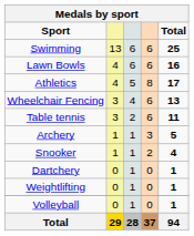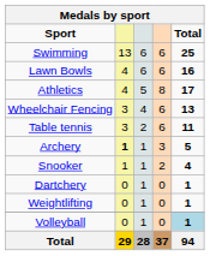 <table class="wikitable" style="font-size:95%">
 <tr style="background:#efefef;">
 <th colspan=5>Medals by sport</th>
 </tr>
 <tr style="text-align:center;">
 <td><strong>Sport</strong></td>
 <td bgcolor=#f7f6a8></td>
 <td bgcolor=#dce5e5></td>
 <td bgcolor=#ffdab9></td>
 <td><strong>Total</strong></td>
 </tr>
 <tr style="text-align:center;">
 <td><a href='#'>Swimming</a></td>
 <td style="background:#F7F6A8;">13</td>
 <td style="background:#DCE5E5;">6</td>
 <td style="background:#FFDAB9;">6</td>
 <td><strong>25</strong></td>
 </tr>
 <tr style="text-align:center;">
 <td><a href='#'>Lawn Bowls</a></td>
 <td style="background:#F7F6A8;">4</td>
 <td style="background:#DCE5E5;">6</td>
 <td style="background:#FFDAB9;">6</td>
 <td><strong>16</strong></td>
 </tr>
 <tr style="text-align:center;">
 <td><a href='#'>Athletics</a></td>
 <td style="background:#F7F6A8;">4</td>
 <td style="background:#DCE5E5;">5</td>
 <td style="background:#FFDAB9;">8</td>
 <td><strong>17</strong></td>
 </tr>
 <tr style="text-align:center;">
 <td><a href='#'>Wheelchair Fencing</a></td>
 <td style="background:#F7F6A8;">3</td>
 <td style="background:#DCE5E5;">4</td>
 <td style="background:#FFDAB9;">6</td>
 <td><strong>13</strong></td>
 </tr>
 <tr style="text-align:center;">
 <td><a href='#'>Table tennis</a></td>
 <td style="background:#F7F6A8;">3</td>
 <td style="background:#DCE5E5;">2</td>
 <td style="background:#FFDAB9;">6</td>
 <td><strong>11</strong></td>
 </tr>
 <tr style="text-align:center;">
 <td><a href='#'>Archery</a></td>
-<td style="background:#F7F6A8;">1</td>
+<td style="background:#F7F6A8;"><strong>1</strong></td>
 <td style="background:#DCE5E5;">1</td>
 <td style="background:#FFDAB9;">3</td>
 <td><strong>5</strong></td>
 </tr>
 <tr style="text-align:center;">
 <td><a href='#'>Snooker</a></td>
 <td style="background:#F7F6A8;">1</td>
 <td style="background:#DCE5E5;">1</td>
 <td style="background:#FFDAB9;">2</td>
 <td><strong>4</strong></td>
 </tr>
 <tr style="text-align:center;">
 <td><a href='#'>Dartchery</a></td>
 <td style="background:#F7F6A8;">0</td>
 <td style="background:#DCE5E5;">1</td>
 <td style="background:#FFDAB9;">0</td>
 <td><strong>1</strong></td>
 </tr>
 <tr style="text-align:center;">
 <td><a href='#'>Weightlifting</a></td>
 <td style="background:#F7F6A8;">0</td>
 <td style="background:#DCE5E5;">1</td>
 <td style="background:#FFDAB9;">0</td>
 <td><strong>1</strong></td>
 </tr>
 <tr>
 </tr>
 <tr style="text-align:center;">
 <td><a href='#'>Volleyball</a></td>
 <td style="background:#F7F6A8;">0</td>
 <td style="background:#DCE5E5;">1</td>
 <td style="background:#FFDAB9;">0</td>
-<td><strong>1</strong></td>
+<td style="background: lightblue;"><strong>1</strong></td>
 </tr>
 <tr>
 <th>Total</th>
 <th style="background:gold;">29</th>
 <th style="background:silver;">28</th>
 <th style="background:#c96;">37</th>
 <th>94</th>
 </tr>
 </table>
